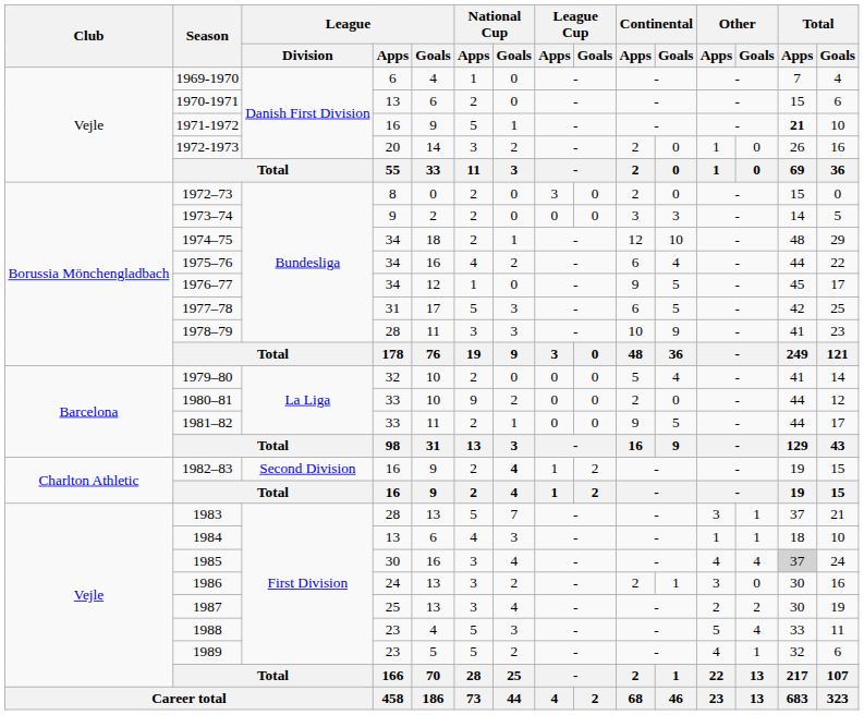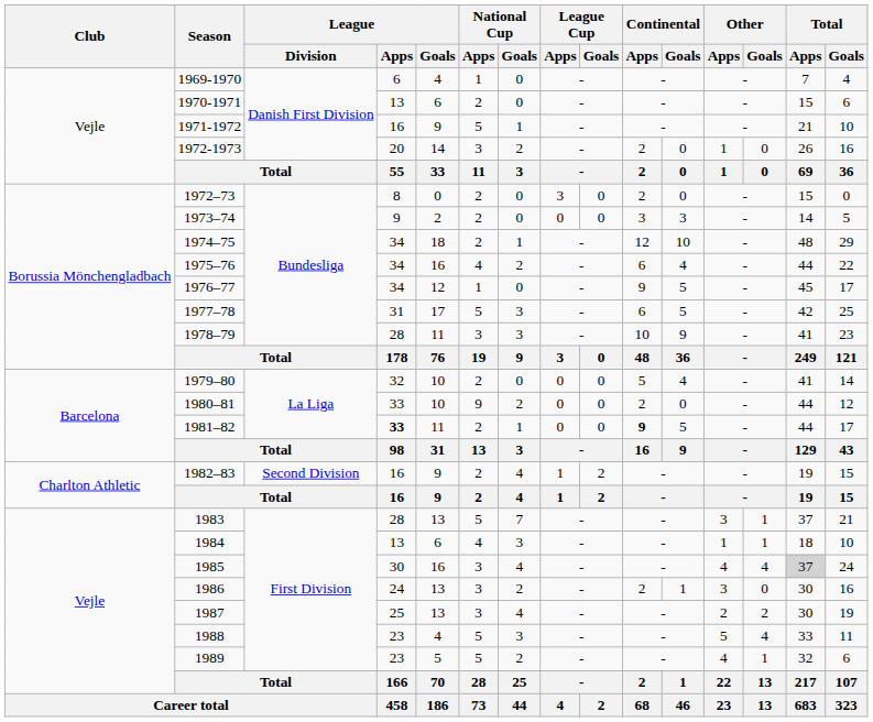 <table class="wikitable" style="text-align:center">
 <tr>
 <th rowspan="2">Club</th>
 <th rowspan="2">Season</th>
 <th colspan="3">League</th>
 <th colspan="2">National<br>Cup</th>
 <th colspan="2">League<br>Cup</th>
 <th colspan="2">Continental</th>
 <th colspan="2">Other</th>
 <th colspan="2">Total</th>
 </tr>
 <tr>
 <th>Division</th>
 <th>Apps</th>
 <th>Goals</th>
 <th>Apps</th>
 <th>Goals</th>
 <th>Apps</th>
 <th>Goals</th>
 <th>Apps</th>
 <th>Goals</th>
 <th>Apps</th>
 <th>Goals</th>
 <th>Apps</th>
 <th>Goals</th>
 </tr>
 <tr>
 <td rowspan="5">Vejle</td>
 <td>1969-1970</td>
 <td rowspan="4"><a href='#'>Danish First Division</a></td>
 <td>6</td>
 <td>4</td>
 <td>1</td>
 <td>0</td>
 <td colspan="2">-</td>
 <td colspan="2">-</td>
 <td colspan="2">-</td>
 <td>7</td>
 <td>4</td>
 </tr>
 <tr>
 <td>1970-1971</td>
 <td>13</td>
 <td>6</td>
 <td>2</td>
 <td>0</td>
 <td colspan="2">-</td>
 <td colspan="2">-</td>
 <td colspan="2">-</td>
 <td>15</td>
 <td>6</td>
 </tr>
 <tr>
 <td>1971-1972</td>
 <td>16</td>
 <td>9</td>
 <td>5</td>
 <td>1</td>
 <td colspan="2">-</td>
 <td colspan="2">-</td>
 <td colspan="2">-</td>
-<td><strong>21</strong></td>
+<td>21</td>
 <td>10</td>
 </tr>
 <tr>
 <td>1972-1973</td>
 <td>20</td>
 <td>14</td>
 <td>3</td>
 <td>2</td>
 <td colspan="2">-</td>
 <td>2</td>
 <td>0</td>
 <td>1</td>
 <td>0</td>
 <td>26</td>
 <td>16</td>
 </tr>
 <tr>
 <th colspan="2"><strong>Total</strong></th>
 <th><strong>55</strong></th>
 <th><strong>33</strong></th>
 <th><strong>11</strong></th>
 <th><strong>3</strong></th>
 <th colspan="2"><strong>-</strong></th>
 <th><strong>2</strong></th>
 <th><strong>0</strong></th>
 <th><strong>1</strong></th>
 <th><strong>0</strong></th>
 <th><strong>69</strong></th>
 <th><strong>36</strong></th>
 </tr>
 <tr>
 <td rowspan="8"><a href='#'>Borussia Mönchengladbach</a></td>
 <td>1972–73</td>
 <td rowspan="7"><a href='#'>Bundesliga</a></td>
 <td>8</td>
 <td>0</td>
 <td>2</td>
 <td>0</td>
 <td>3</td>
 <td>0</td>
 <td>2</td>
 <td>0</td>
 <td colspan="2">-</td>
 <td>15</td>
 <td>0</td>
 </tr>
 <tr>
 <td>1973–74</td>
 <td>9</td>
 <td>2</td>
 <td>2</td>
 <td>0</td>
 <td>0</td>
 <td>0</td>
 <td>3</td>
 <td>3</td>
 <td colspan="2">-</td>
 <td>14</td>
 <td>5</td>
 </tr>
 <tr>
 <td>1974–75</td>
 <td>34</td>
 <td>18</td>
 <td>2</td>
 <td>1</td>
 <td colspan="2">-</td>
 <td>12</td>
 <td>10</td>
 <td colspan="2">-</td>
 <td>48</td>
 <td>29</td>
 </tr>
 <tr>
 <td>1975–76</td>
 <td>34</td>
 <td>16</td>
 <td>4</td>
 <td>2</td>
 <td colspan="2">-</td>
 <td>6</td>
 <td>4</td>
 <td colspan="2">-</td>
 <td>44</td>
 <td>22</td>
 </tr>
 <tr>
 <td>1976–77</td>
 <td>34</td>
 <td>12</td>
 <td>1</td>
 <td>0</td>
 <td colspan="2">-</td>
 <td>9</td>
 <td>5</td>
 <td colspan="2">-</td>
 <td>45</td>
 <td>17</td>
 </tr>
 <tr>
 <td>1977–78</td>
 <td>31</td>
 <td>17</td>
 <td>5</td>
 <td>3</td>
 <td colspan="2">-</td>
 <td>6</td>
 <td>5</td>
 <td colspan="2">-</td>
 <td>42</td>
 <td>25</td>
 </tr>
 <tr>
 <td>1978–79</td>
 <td>28</td>
 <td>11</td>
 <td>3</td>
 <td>3</td>
 <td colspan="2">-</td>
 <td>10</td>
 <td>9</td>
 <td colspan="2">-</td>
 <td>41</td>
 <td>23</td>
 </tr>
 <tr>
 <th colspan="2">Total</th>
 <th>178</th>
 <th>76</th>
 <th>19</th>
 <th>9</th>
 <th>3</th>
 <th>0</th>
 <th>48</th>
 <th>36</th>
 <th colspan="2">-</th>
 <th>249</th>
 <th>121</th>
 </tr>
 <tr>
 <td rowspan="4"><a href='#'>Barcelona</a></td>
 <td>1979–80</td>
 <td rowspan="3"><a href='#'>La Liga</a></td>
 <td>32</td>
 <td>10</td>
 <td>2</td>
 <td>0</td>
 <td>0</td>
 <td>0</td>
 <td>5</td>
 <td>4</td>
 <td colspan="2">-</td>
 <td>41</td>
 <td>14</td>
 </tr>
 <tr>
 <td>1980–81</td>
 <td>33</td>
 <td>10</td>
 <td>9</td>
 <td>2</td>
 <td>0</td>
 <td>0</td>
 <td>2</td>
 <td>0</td>
 <td colspan="2">-</td>
 <td>44</td>
 <td>12</td>
 </tr>
 <tr>
 <td>1981–82</td>
-<td>33</td>
+<td><strong>33</strong></td>
 <td>11</td>
 <td>2</td>
 <td>1</td>
 <td>0</td>
 <td>0</td>
-<td>9</td>
+<td><strong>9</strong></td>
 <td>5</td>
 <td colspan="2">-</td>
 <td>44</td>
 <td>17</td>
 </tr>
 <tr>
 <th colspan="2">Total</th>
 <th>98</th>
 <th>31</th>
 <th>13</th>
 <th>3</th>
 <th colspan="2">-</th>
 <th>16</th>
 <th>9</th>
 <th colspan="2">-</th>
 <th>129</th>
 <th>43</th>
 </tr>
 <tr>
 <td rowspan="2"><a href='#'>Charlton Athletic</a></td>
 <td>1982–83</td>
 <td><a href='#'>Second Division</a></td>
 <td>16</td>
 <td>9</td>
 <td>2</td>
-<td><strong>4</strong></td>
+<td>4</td>
 <td>1</td>
 <td>2</td>
 <td colspan="2">-</td>
 <td colspan="2">-</td>
 <td>19</td>
 <td>15</td>
 </tr>
 <tr>
 <th colspan="2">Total</th>
 <th>16</th>
 <th>9</th>
 <th>2</th>
 <th>4</th>
 <th>1</th>
 <th>2</th>
 <th colspan="2">-</th>
 <th colspan="2">-</th>
 <th>19</th>
 <th>15</th>
 </tr>
 <tr>
 <td rowspan="8"><a href='#'>Vejle</a></td>
 <td>1983</td>
 <td rowspan="7"><a href='#'>First Division</a></td>
 <td>28</td>
 <td>13</td>
 <td>5</td>
 <td>7</td>
 <td colspan="2">-</td>
 <td colspan="2">-</td>
 <td>3</td>
 <td>1</td>
 <td>37</td>
 <td>21</td>
 </tr>
 <tr>
 <td>1984</td>
 <td>13</td>
 <td>6</td>
 <td>4</td>
 <td>3</td>
 <td colspan="2">-</td>
 <td colspan="2">-</td>
 <td>1</td>
 <td>1</td>
 <td>18</td>
 <td>10</td>
 </tr>
 <tr>
 <td>1985</td>
 <td>30</td>
 <td>16</td>
 <td>3</td>
 <td>4</td>
 <td colspan="2">-</td>
 <td colspan="2">-</td>
 <td>4</td>
 <td>4</td>
 <td style="background: lightgrey;">37</td>
 <td>24</td>
 </tr>
 <tr>
 <td>1986</td>
 <td>24</td>
 <td>13</td>
 <td>3</td>
 <td>2</td>
 <td colspan="2">-</td>
 <td>2</td>
 <td>1</td>
 <td>3</td>
 <td>0</td>
 <td>30</td>
 <td>16</td>
 </tr>
 <tr>
 <td>1987</td>
 <td>25</td>
 <td>13</td>
 <td>3</td>
 <td>4</td>
 <td colspan="2">-</td>
 <td colspan="2">-</td>
 <td>2</td>
 <td>2</td>
 <td>30</td>
 <td>19</td>
 </tr>
 <tr>
 <td>1988</td>
 <td>23</td>
 <td>4</td>
 <td>5</td>
 <td>3</td>
 <td colspan="2">-</td>
 <td colspan="2">-</td>
 <td>5</td>
 <td>4</td>
 <td>33</td>
 <td>11</td>
 </tr>
 <tr>
 <td>1989</td>
 <td>23</td>
 <td>5</td>
 <td>5</td>
 <td>2</td>
 <td colspan="2">-</td>
 <td colspan="2">-</td>
 <td>4</td>
 <td>1</td>
 <td>32</td>
 <td>6</td>
 </tr>
 <tr>
 <th colspan="2">Total</th>
 <th>166</th>
 <th>70</th>
 <th>28</th>
 <th>25</th>
 <th colspan="2">-</th>
 <th>2</th>
 <th>1</th>
 <th>22</th>
 <th>13</th>
 <th>217</th>
 <th>107</th>
 </tr>
 <tr>
 <th colspan="3">Career total</th>
 <th>458</th>
 <th>186</th>
 <th>73</th>
 <th>44</th>
 <th>4</th>
 <th>2</th>
 <th>68</th>
 <th>46</th>
 <th>23</th>
 <th>13</th>
 <th>683</th>
 <th>323</th>
 </tr>
 </table>
